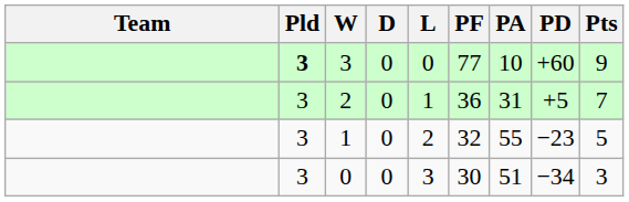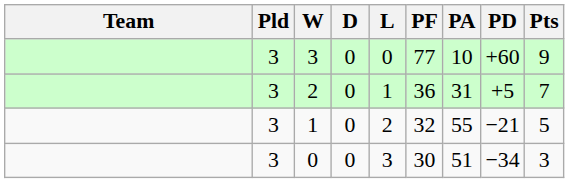 <table class="wikitable" style="text-align:center;">
 <tr>
 <th width=175>Team</th>
 <th width=20 abbr="Played">Pld</th>
 <th width=20 abbr="Won">W</th>
 <th width=20 abbr="Drawn">D</th>
 <th width=20 abbr="Lost">L</th>
 <th width=20 abbr="Points for">PF</th>
 <th width=20 abbr="Points against">PA</th>
 <th width=25 abbr="Points difference">PD</th>
 <th width=20 abbr="Points">Pts</th>
 </tr>
 <tr bgcolor=ccffcc>
 <td style="text-align:left;"></td>
-<td><strong>3</strong></td>
+<td>3</td>
 <td>3</td>
 <td>0</td>
 <td>0</td>
 <td>77</td>
 <td>10</td>
 <td>+60</td>
 <td>9</td>
 </tr>
 <tr bgcolor=ccffcc>
 <td style="text-align:left;"></td>
 <td>3</td>
 <td>2</td>
 <td>0</td>
 <td>1</td>
 <td>36</td>
 <td>31</td>
 <td>+5</td>
 <td>7</td>
 </tr>
 <tr>
 <td style="text-align:left;"></td>
 <td>3</td>
 <td>1</td>
 <td>0</td>
 <td>2</td>
 <td>32</td>
 <td>55</td>
-<td>−23</td>
+<td>−21</td>
 <td>5</td>
 </tr>
 <tr>
 <td style="text-align:left;"></td>
 <td>3</td>
 <td>0</td>
 <td>0</td>
 <td>3</td>
 <td>30</td>
 <td>51</td>
 <td>−34</td>
 <td>3</td>
 </tr>
 </table>
